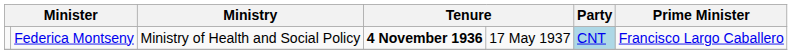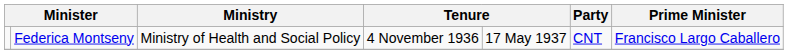 <table class="wikitable sortable">
 <tr>
 <th colspan="2" bgcolor="#e3e3e3">Minister</th>
 <th bgcolor="#e3e3e3">Ministry</th>
 <th colspan="2" bgcolor="#e3e3e3">Tenure</th>
 <th bgcolor="#e3e3e3">Party</th>
 <th bgcolor="#e3e3e3">Prime Minister</th>
 </tr>
 <tr>
 <td></td>
 <td><a href='#'>Federica Montseny</a></td>
 <td>Ministry of Health and Social Policy</td>
-<td align="center"><strong>4 November 1936</strong></td>
+<td align="center">4 November 1936</td>
 <td>17 May 1937</td>
-<td style="background: lightblue;"><a href='#'>CNT</a></td>
+<td><a href='#'>CNT</a></td>
 <td><a href='#'>Francisco Largo Caballero</a></td>
 </tr>
 <tr>
 </tr>
 </table>
